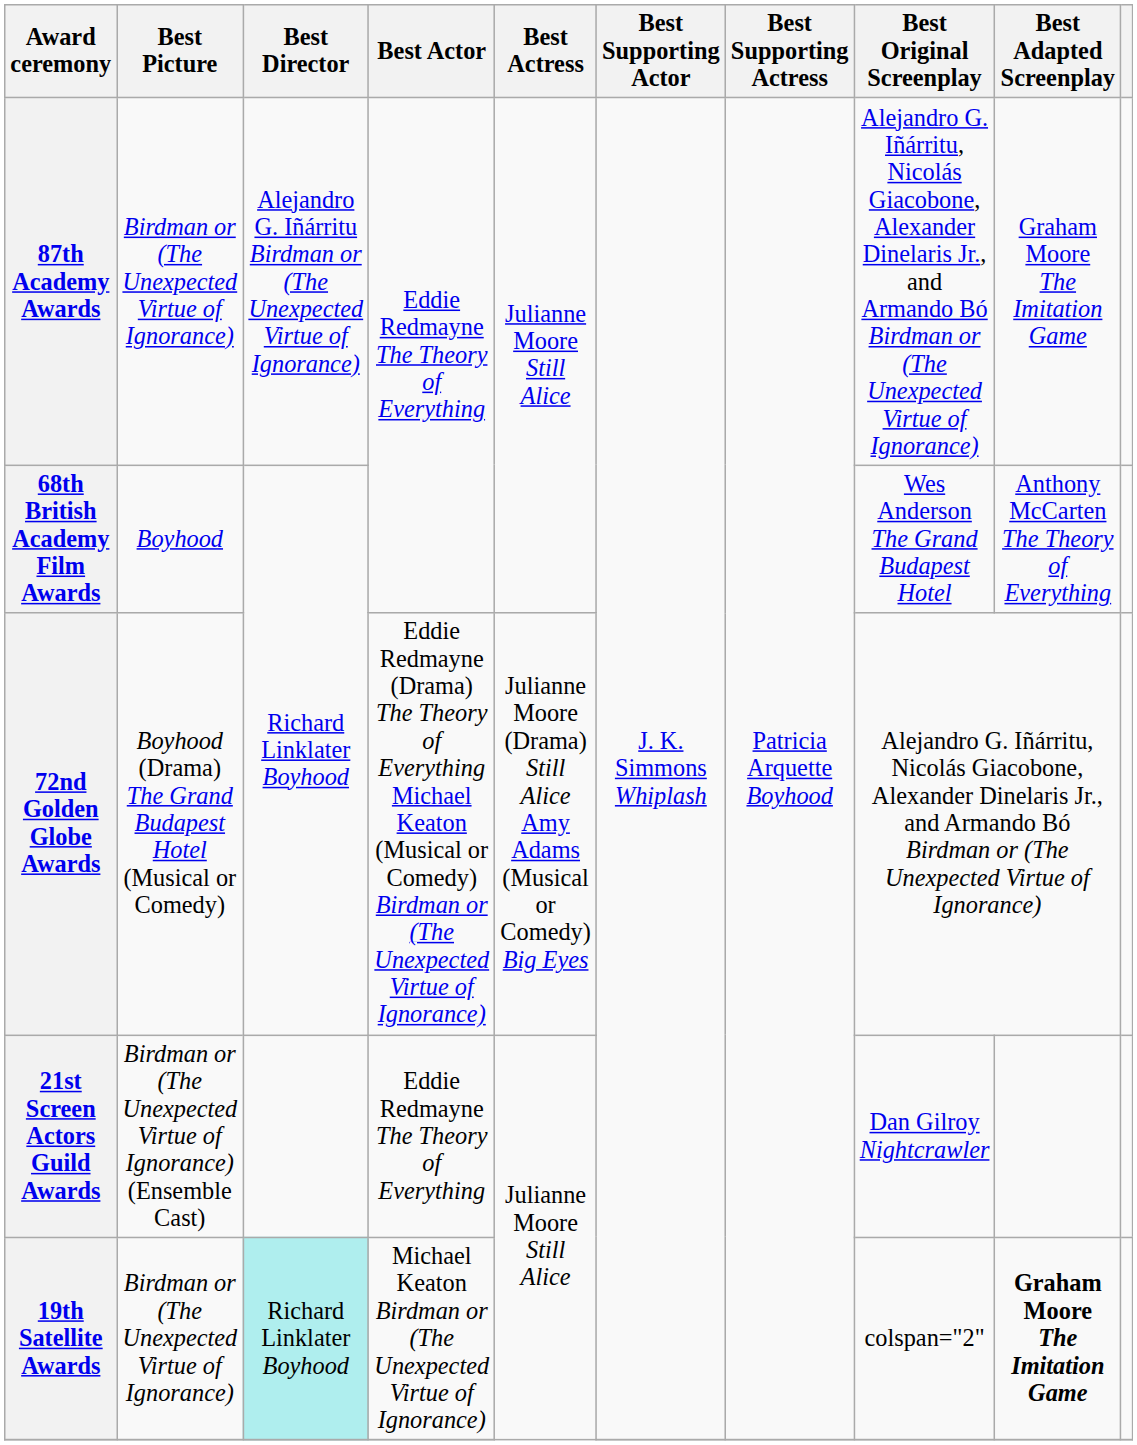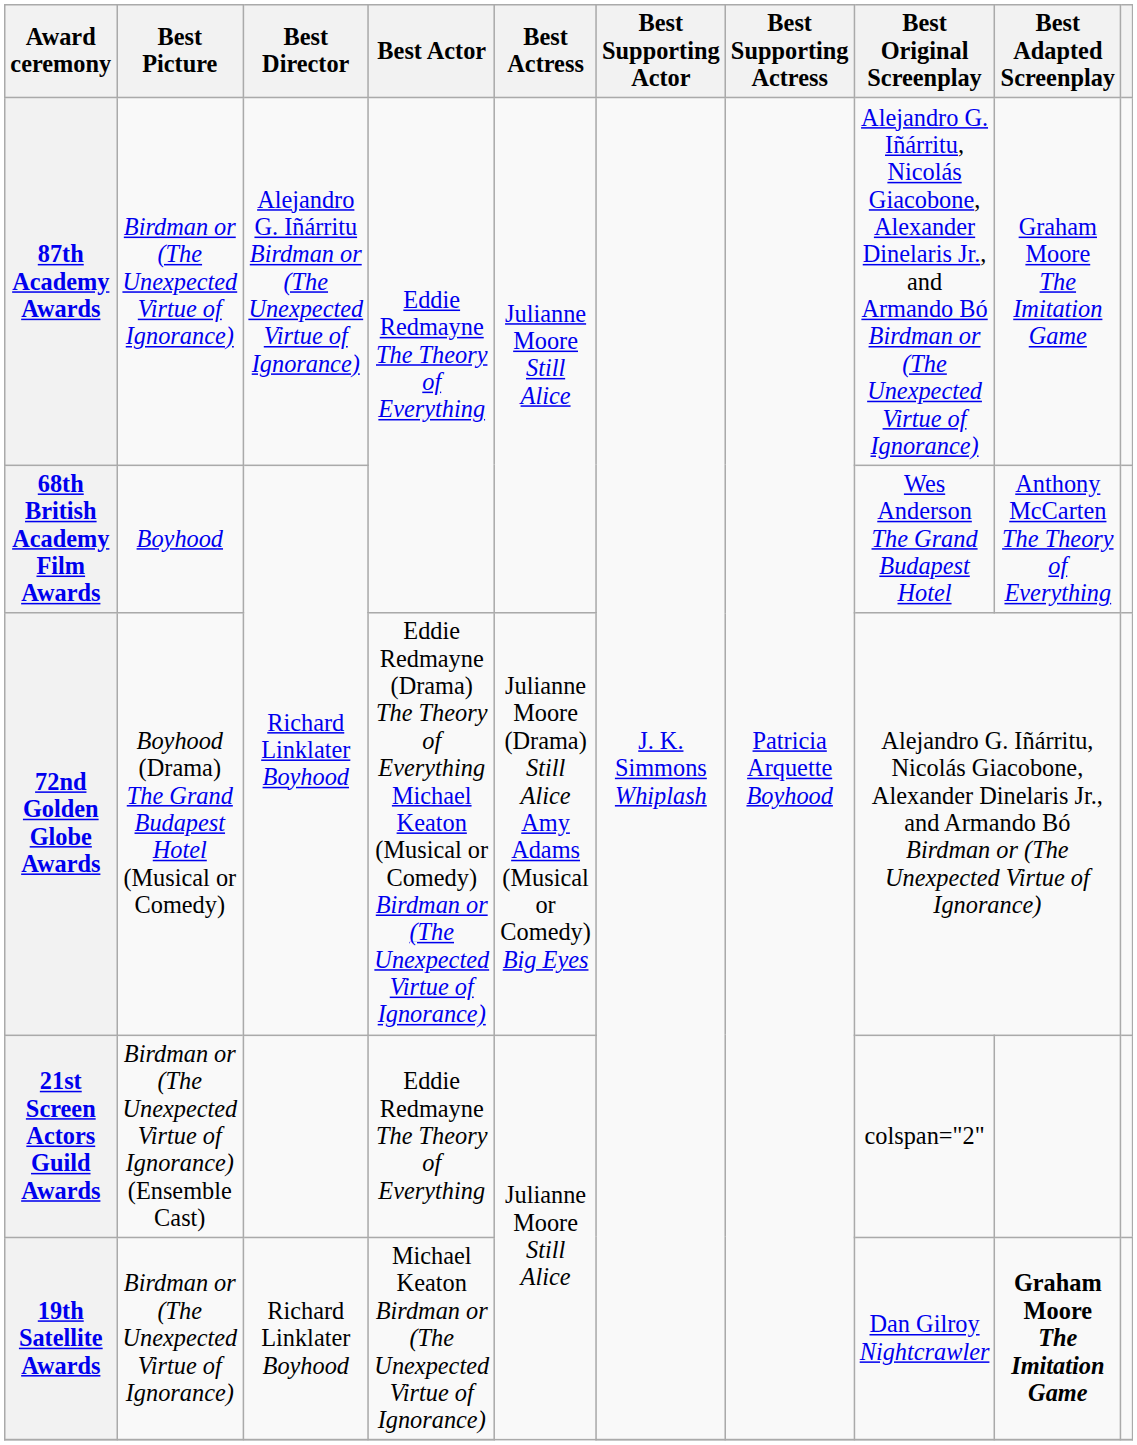 <table class="wikitable"  style="text-align:center">
 <tr>
 <th>Award ceremony</th>
 <th>Best Picture</th>
 <th>Best Director</th>
 <th>Best Actor</th>
 <th>Best Actress</th>
 <th>Best Supporting Actor</th>
 <th>Best Supporting Actress</th>
 <th>Best Original Screenplay</th>
 <th>Best Adapted Screenplay</th>
 <th></th>
 </tr>
 <tr>
 <th scope="row"><a href='#'>87th Academy Awards</a></th>
 <td><em><a href='#'>Birdman or (The Unexpected Virtue of Ignorance)</a></em></td>
 <td><a href='#'>Alejandro G. Iñárritu</a><br><em><a href='#'>Birdman or (The Unexpected Virtue of Ignorance)</a></em></td>
 <td rowspan="2"><a href='#'>Eddie Redmayne</a><br><em><a href='#'>The Theory of Everything</a></em></td>
 <td rowspan="2"><a href='#'>Julianne Moore</a><br><em><a href='#'>Still Alice</a></em></td>
 <td rowspan="5"><a href='#'>J. K. Simmons</a><br><em><a href='#'>Whiplash</a></em></td>
 <td rowspan="5"><a href='#'>Patricia Arquette</a><br><em><a href='#'>Boyhood</a></em></td>
 <td><a href='#'>Alejandro G. Iñárritu</a>, <a href='#'>Nicolás Giacobone</a>, <a href='#'>Alexander Dinelaris Jr.</a>, and <a href='#'>Armando Bó</a><br><em><a href='#'>Birdman or (The Unexpected Virtue of Ignorance)</a></em></td>
 <td><a href='#'>Graham Moore</a><br><em><a href='#'>The Imitation Game</a></em></td>
 <td></td>
 </tr>
 <tr>
 <th scope="row"><a href='#'>68th British Academy Film Awards</a></th>
 <td><em><a href='#'>Boyhood</a></em></td>
 <td rowspan="2"><a href='#'>Richard Linklater</a><br><em><a href='#'>Boyhood</a></em></td>
 <td><a href='#'>Wes Anderson</a><br><em><a href='#'>The Grand Budapest Hotel</a></em></td>
 <td><a href='#'>Anthony McCarten</a><br><em><a href='#'>The Theory of Everything</a></em></td>
 <td></td>
 </tr>
 <tr>
 <th scope="row"><a href='#'>72nd Golden Globe Awards</a></th>
 <td><em>Boyhood</em> (Drama)<br><em><a href='#'>The Grand Budapest Hotel</a></em> (Musical or Comedy)</td>
 <td>Eddie Redmayne (Drama)<br><em>The Theory of Everything</em><br><a href='#'>Michael Keaton</a> (Musical or Comedy)<br><em><a href='#'>Birdman or (The Unexpected Virtue of Ignorance)</a></em></td>
 <td>Julianne Moore (Drama)<br><em>Still Alice</em><br><a href='#'>Amy Adams</a> (Musical or Comedy)<br><em><a href='#'>Big Eyes</a></em></td>
 <td colspan="2">Alejandro G. Iñárritu, Nicolás Giacobone, Alexander Dinelaris Jr., and Armando Bó<br><em>Birdman or (The Unexpected Virtue of Ignorance)</em></td>
 <td></td>
 </tr>
 <tr>
 <th scope="row"><a href='#'>21st Screen Actors Guild Awards</a></th>
 <td><em>Birdman or (The Unexpected Virtue of Ignorance)</em> (Ensemble Cast)</td>
 <td></td>
 <td>Eddie Redmayne<br><em>The Theory of Everything</em></td>
 <td rowspan="3">Julianne Moore<br><em>Still Alice</em></td>
-<td><a href='#'>Dan Gilroy</a><br><em><a href='#'>Nightcrawler</a></em></td>
+<td>colspan="2" </td>
 <td></td>
 </tr>
 <tr>
 <th scope="row"><a href='#'>19th Satellite Awards</a></th>
 <td><em>Birdman or (The Unexpected Virtue of Ignorance)</em></td>
-<td style="background: paleturquoise;">Richard Linklater<br><em>Boyhood</em></td>
+<td>Richard Linklater<br><em>Boyhood</em></td>
 <td>Michael Keaton<br><em>Birdman or (The Unexpected Virtue of Ignorance)</em></td>
-<td>colspan="2" </td>
+<td><a href='#'>Dan Gilroy</a><br><em><a href='#'>Nightcrawler</a></em></td>
 <td><strong>Graham Moore<br><em>The Imitation Game</em></strong></td>
 <td></td>
 </tr>
 <tr>
 </tr>
 </table>
